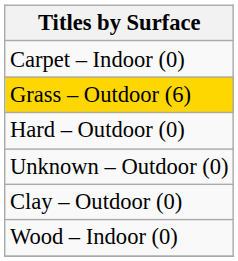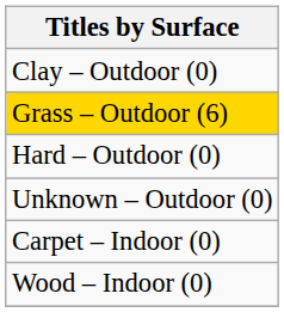 <table class="wikitable" style="display:inline-table;">
 <tr>
 <th>Titles by Surface</th>
 </tr>
 <tr>
-<td>Carpet – Indoor (0)</td>
+<td>Clay – Outdoor (0)</td>
 </tr>
 <tr>
 <td style="background: gold;">Grass – Outdoor (6)</td>
 </tr>
 <tr>
 <td>Hard – Outdoor (0)</td>
 </tr>
 <tr>
 <td>Unknown – Outdoor (0)</td>
 </tr>
 <tr>
-<td>Clay – Outdoor (0)</td>
+<td>Carpet – Indoor (0)</td>
 </tr>
 <tr>
 <td>Wood – Indoor (0)</td>
 </tr>
 <tr>
 </tr>
 </table>
